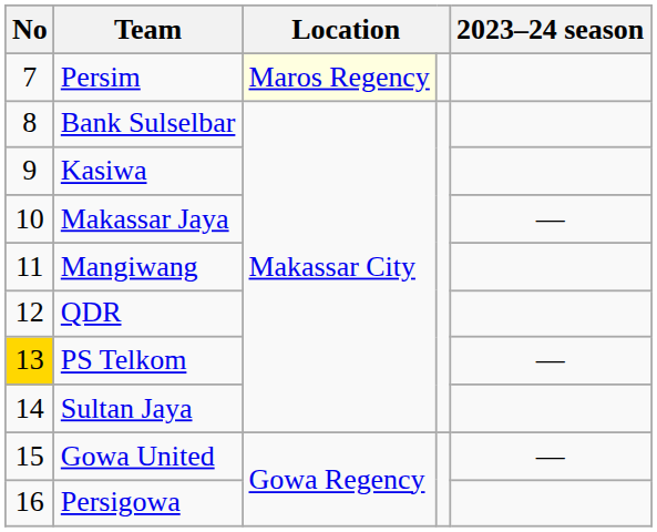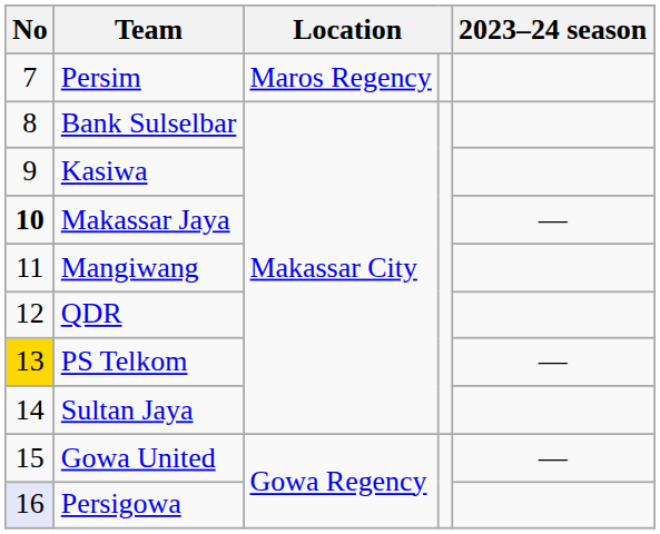 <table class="wikitable sortable" style="font-size:90%;">
 <tr>
 <th>No</th>
 <th>Team</th>
 <th colspan="2">Location</th>
 <th>2023–24 season</th>
 </tr>
 <tr>
 <td align="center">7</td>
 <td><a href='#'>Persim</a></td>
-<td style="background: lightyellow;"><a href='#'>Maros Regency</a></td>
+<td><a href='#'>Maros Regency</a></td>
 <td></td>
 <td align=center></td>
 </tr>
 <tr>
 <td align="center">8</td>
 <td><a href='#'>Bank Sulselbar</a></td>
 <td rowspan="7"><a href='#'>Makassar City</a></td>
 <td rowspan="7"></td>
 <td align=center></td>
 </tr>
 <tr>
 <td align="center">9</td>
 <td><a href='#'>Kasiwa</a></td>
 <td align=center></td>
 </tr>
 <tr>
-<td align="center">10</td>
+<td align="center"><strong>10</strong></td>
 <td><a href='#'>Makassar Jaya</a></td>
 <td align=center>—</td>
 </tr>
 <tr>
 <td align="center">11</td>
 <td><a href='#'>Mangiwang</a></td>
 <td align=center></td>
 </tr>
 <tr>
 <td align="center">12</td>
 <td><a href='#'>QDR</a></td>
 <td align=center></td>
 </tr>
 <tr>
 <td align="center" style="background: gold;">13</td>
 <td><a href='#'>PS Telkom</a></td>
 <td align=center>—</td>
 </tr>
 <tr>
 <td align="center">14</td>
 <td><a href='#'>Sultan Jaya</a></td>
 <td align=center></td>
 </tr>
 <tr>
 <td align="center">15</td>
 <td><a href='#'>Gowa United</a></td>
 <td rowspan="2"><a href='#'>Gowa Regency</a></td>
 <td rowspan="2"></td>
 <td align=center>—</td>
 </tr>
 <tr>
-<td align="center">16</td>
+<td align="center" style="background: lavender;">16</td>
 <td><a href='#'>Persigowa</a></td>
 <td align=center></td>
 </tr>
 </table>
